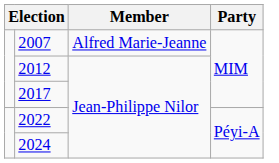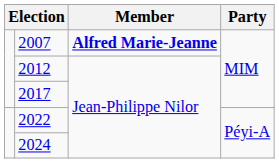 <table class="wikitable">
 <tr>
 <th colspan="2">Election</th>
 <th>Member</th>
 <th>Party</th>
 </tr>
 <tr>
 <td rowspan="3" style="color:inherit;background-color: "></td>
 <td><a href='#'>2007</a></td>
-<td><a href='#'>Alfred Marie-Jeanne</a></td>
+<td><strong><a href='#'>Alfred Marie-Jeanne</a></strong></td>
 <td rowspan="3"><a href='#'>MIM</a></td>
 </tr>
 <tr>
 <td><a href='#'>2012</a></td>
 <td rowspan="4"><a href='#'>Jean-Philippe Nilor</a></td>
 </tr>
 <tr>
 <td><a href='#'>2017</a></td>
 </tr>
 <tr>
 <td rowspan="2" style="color:inherit;background-color: "></td>
 <td><a href='#'>2022</a></td>
 <td rowspan="2"><a href='#'>Péyi-A</a></td>
 </tr>
 <tr>
 <td><a href='#'>2024</a></td>
 </tr>
 </table>
